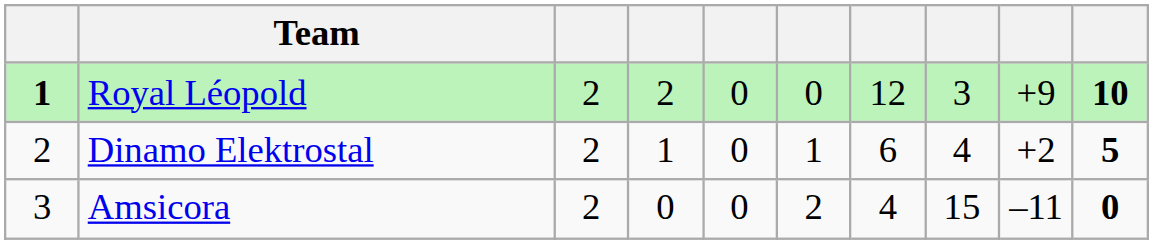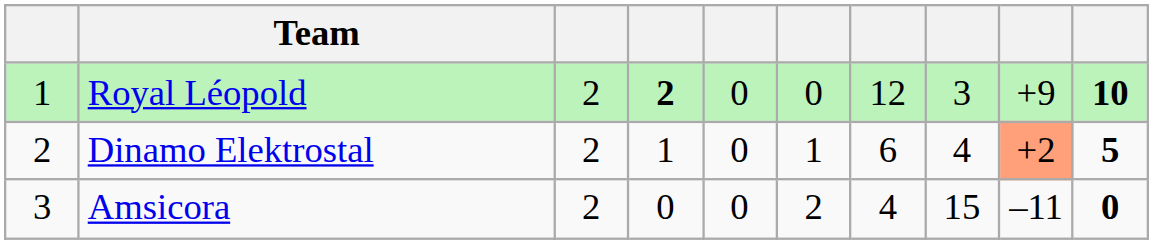 <table class=wikitable style="text-align:center">
 <tr align=center>
 <th width=25></th>
 <th width=200>Team</th>
 <th width=25></th>
 <th width=25></th>
 <th width=25></th>
 <th width=25></th>
 <th width=25></th>
 <th width=25></th>
 <th width=25></th>
 <th width=25></th>
 </tr>
 <tr bgcolor=bbf3bb>
-<td><strong>1</strong></td>
+<td>1</td>
 <td align=left> <a href='#'>Royal Léopold</a></td>
 <td>2</td>
-<td>2</td>
+<td><strong>2</strong></td>
 <td>0</td>
 <td>0</td>
 <td>12</td>
 <td>3</td>
 <td>+9</td>
 <td><strong>10</strong></td>
 </tr>
 <tr>
 <td>2</td>
 <td align=left> <a href='#'>Dinamo Elektrostal</a></td>
 <td>2</td>
 <td>1</td>
 <td>0</td>
 <td>1</td>
 <td>6</td>
 <td>4</td>
-<td>+2</td>
+<td style="background: lightsalmon;">+2</td>
 <td><strong>5</strong></td>
 </tr>
 <tr>
 <td>3</td>
 <td align=left> <a href='#'>Amsicora</a></td>
 <td>2</td>
 <td>0</td>
 <td>0</td>
 <td>2</td>
 <td>4</td>
 <td>15</td>
 <td>–11</td>
 <td><strong>0</strong></td>
 </tr>
 </table>
